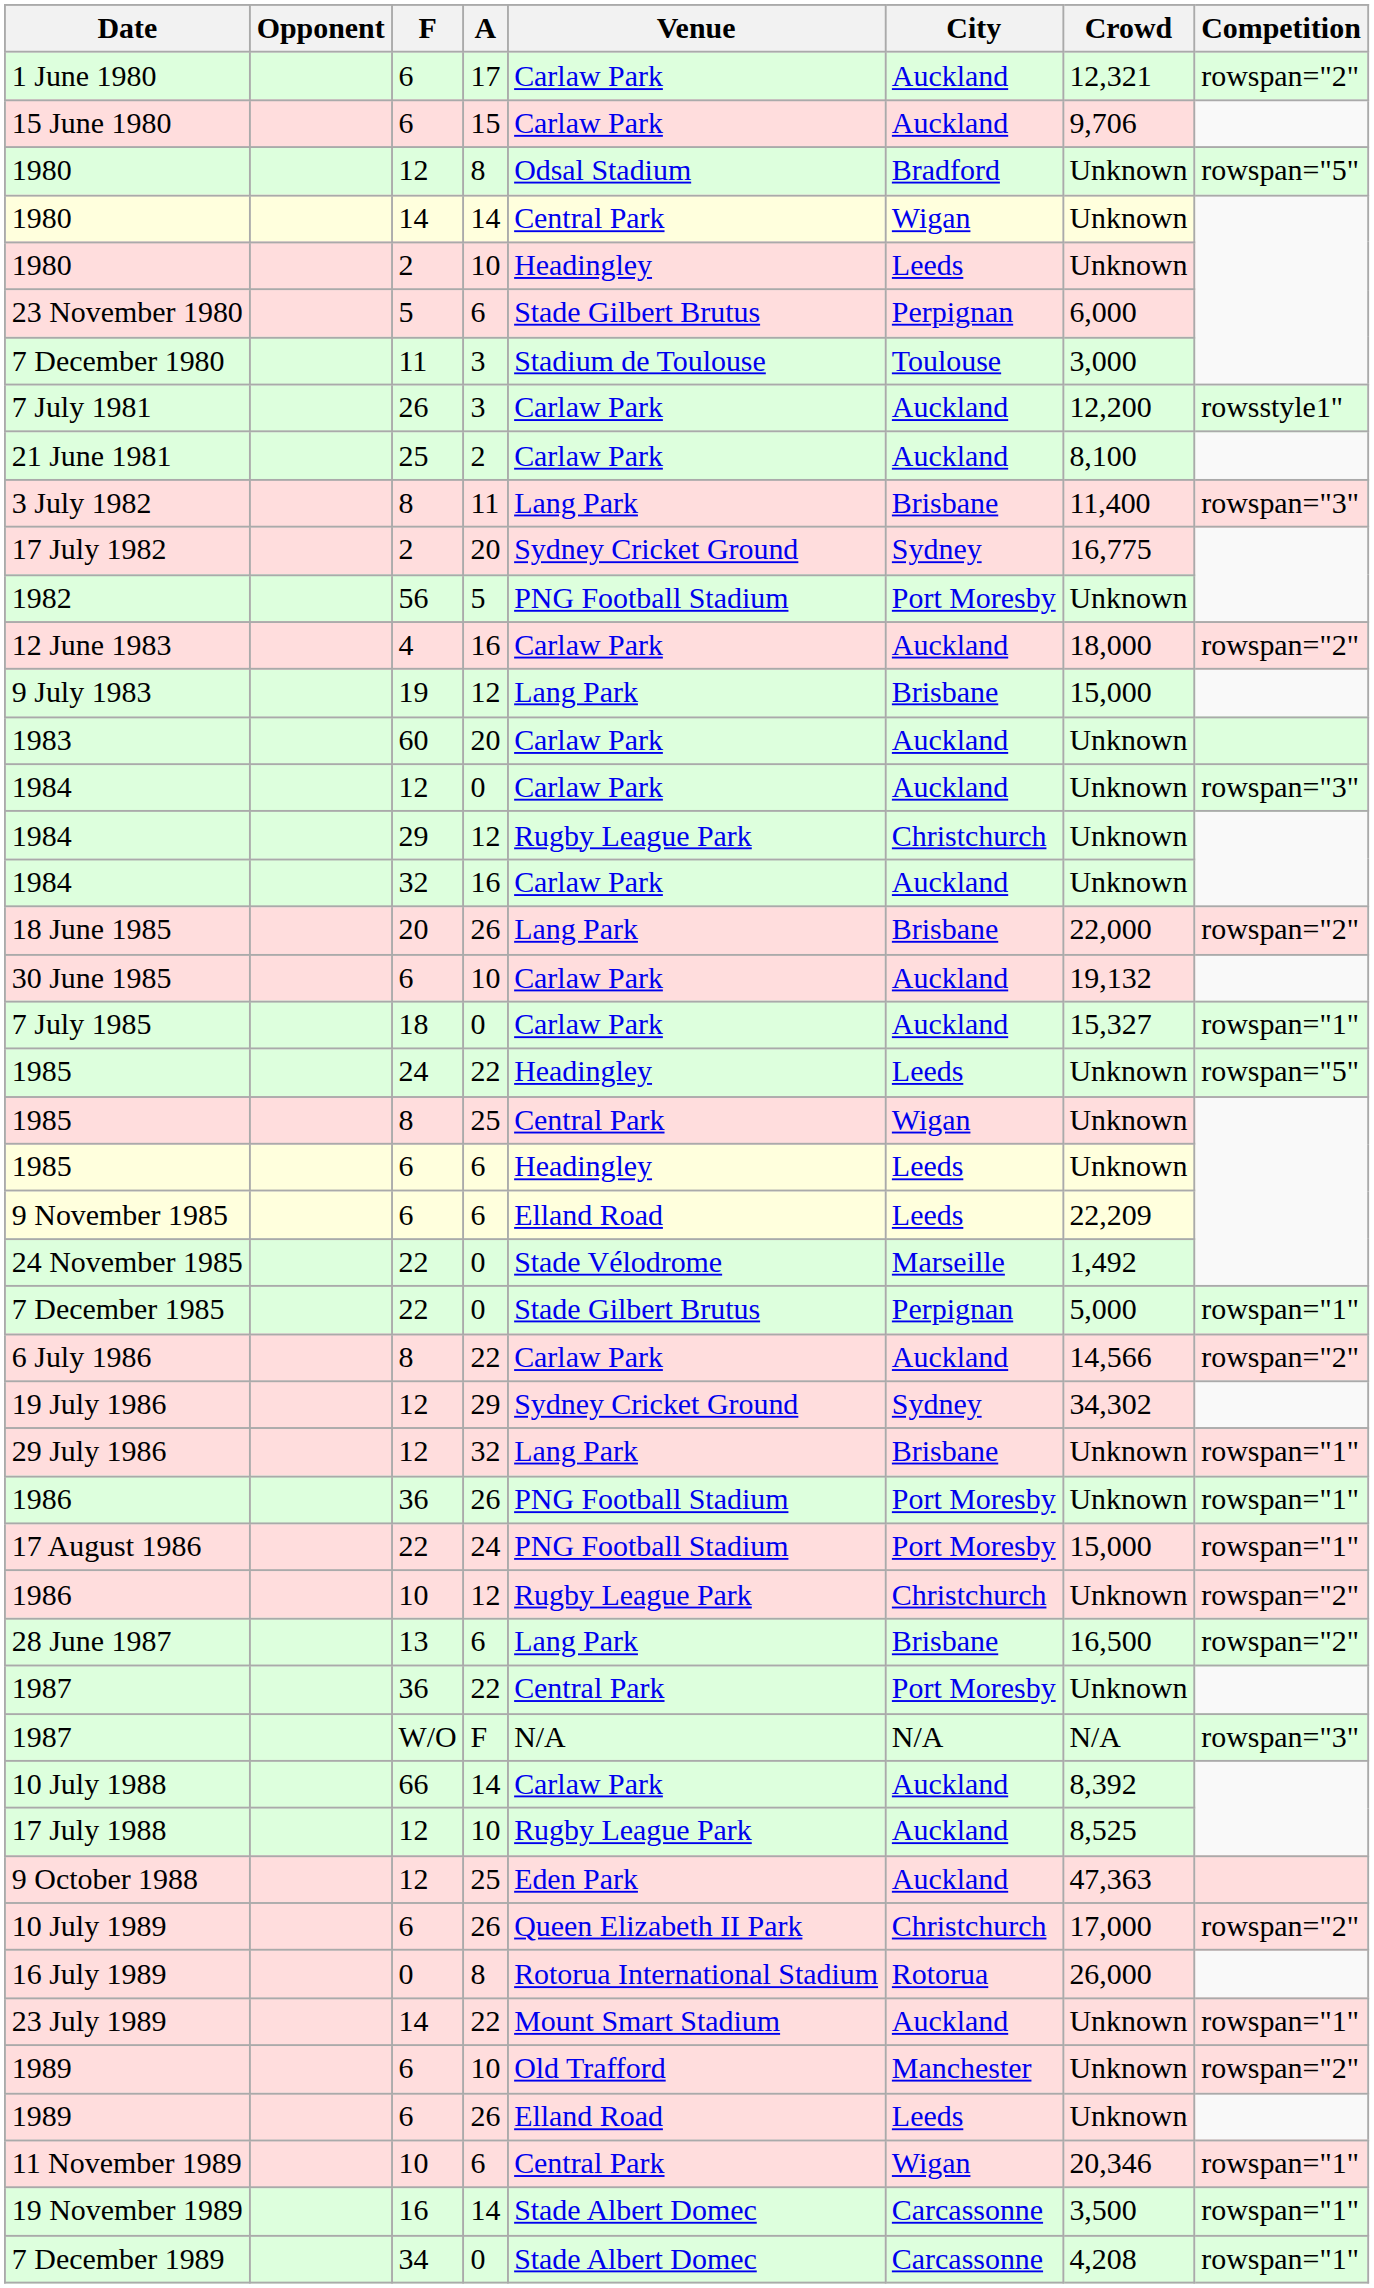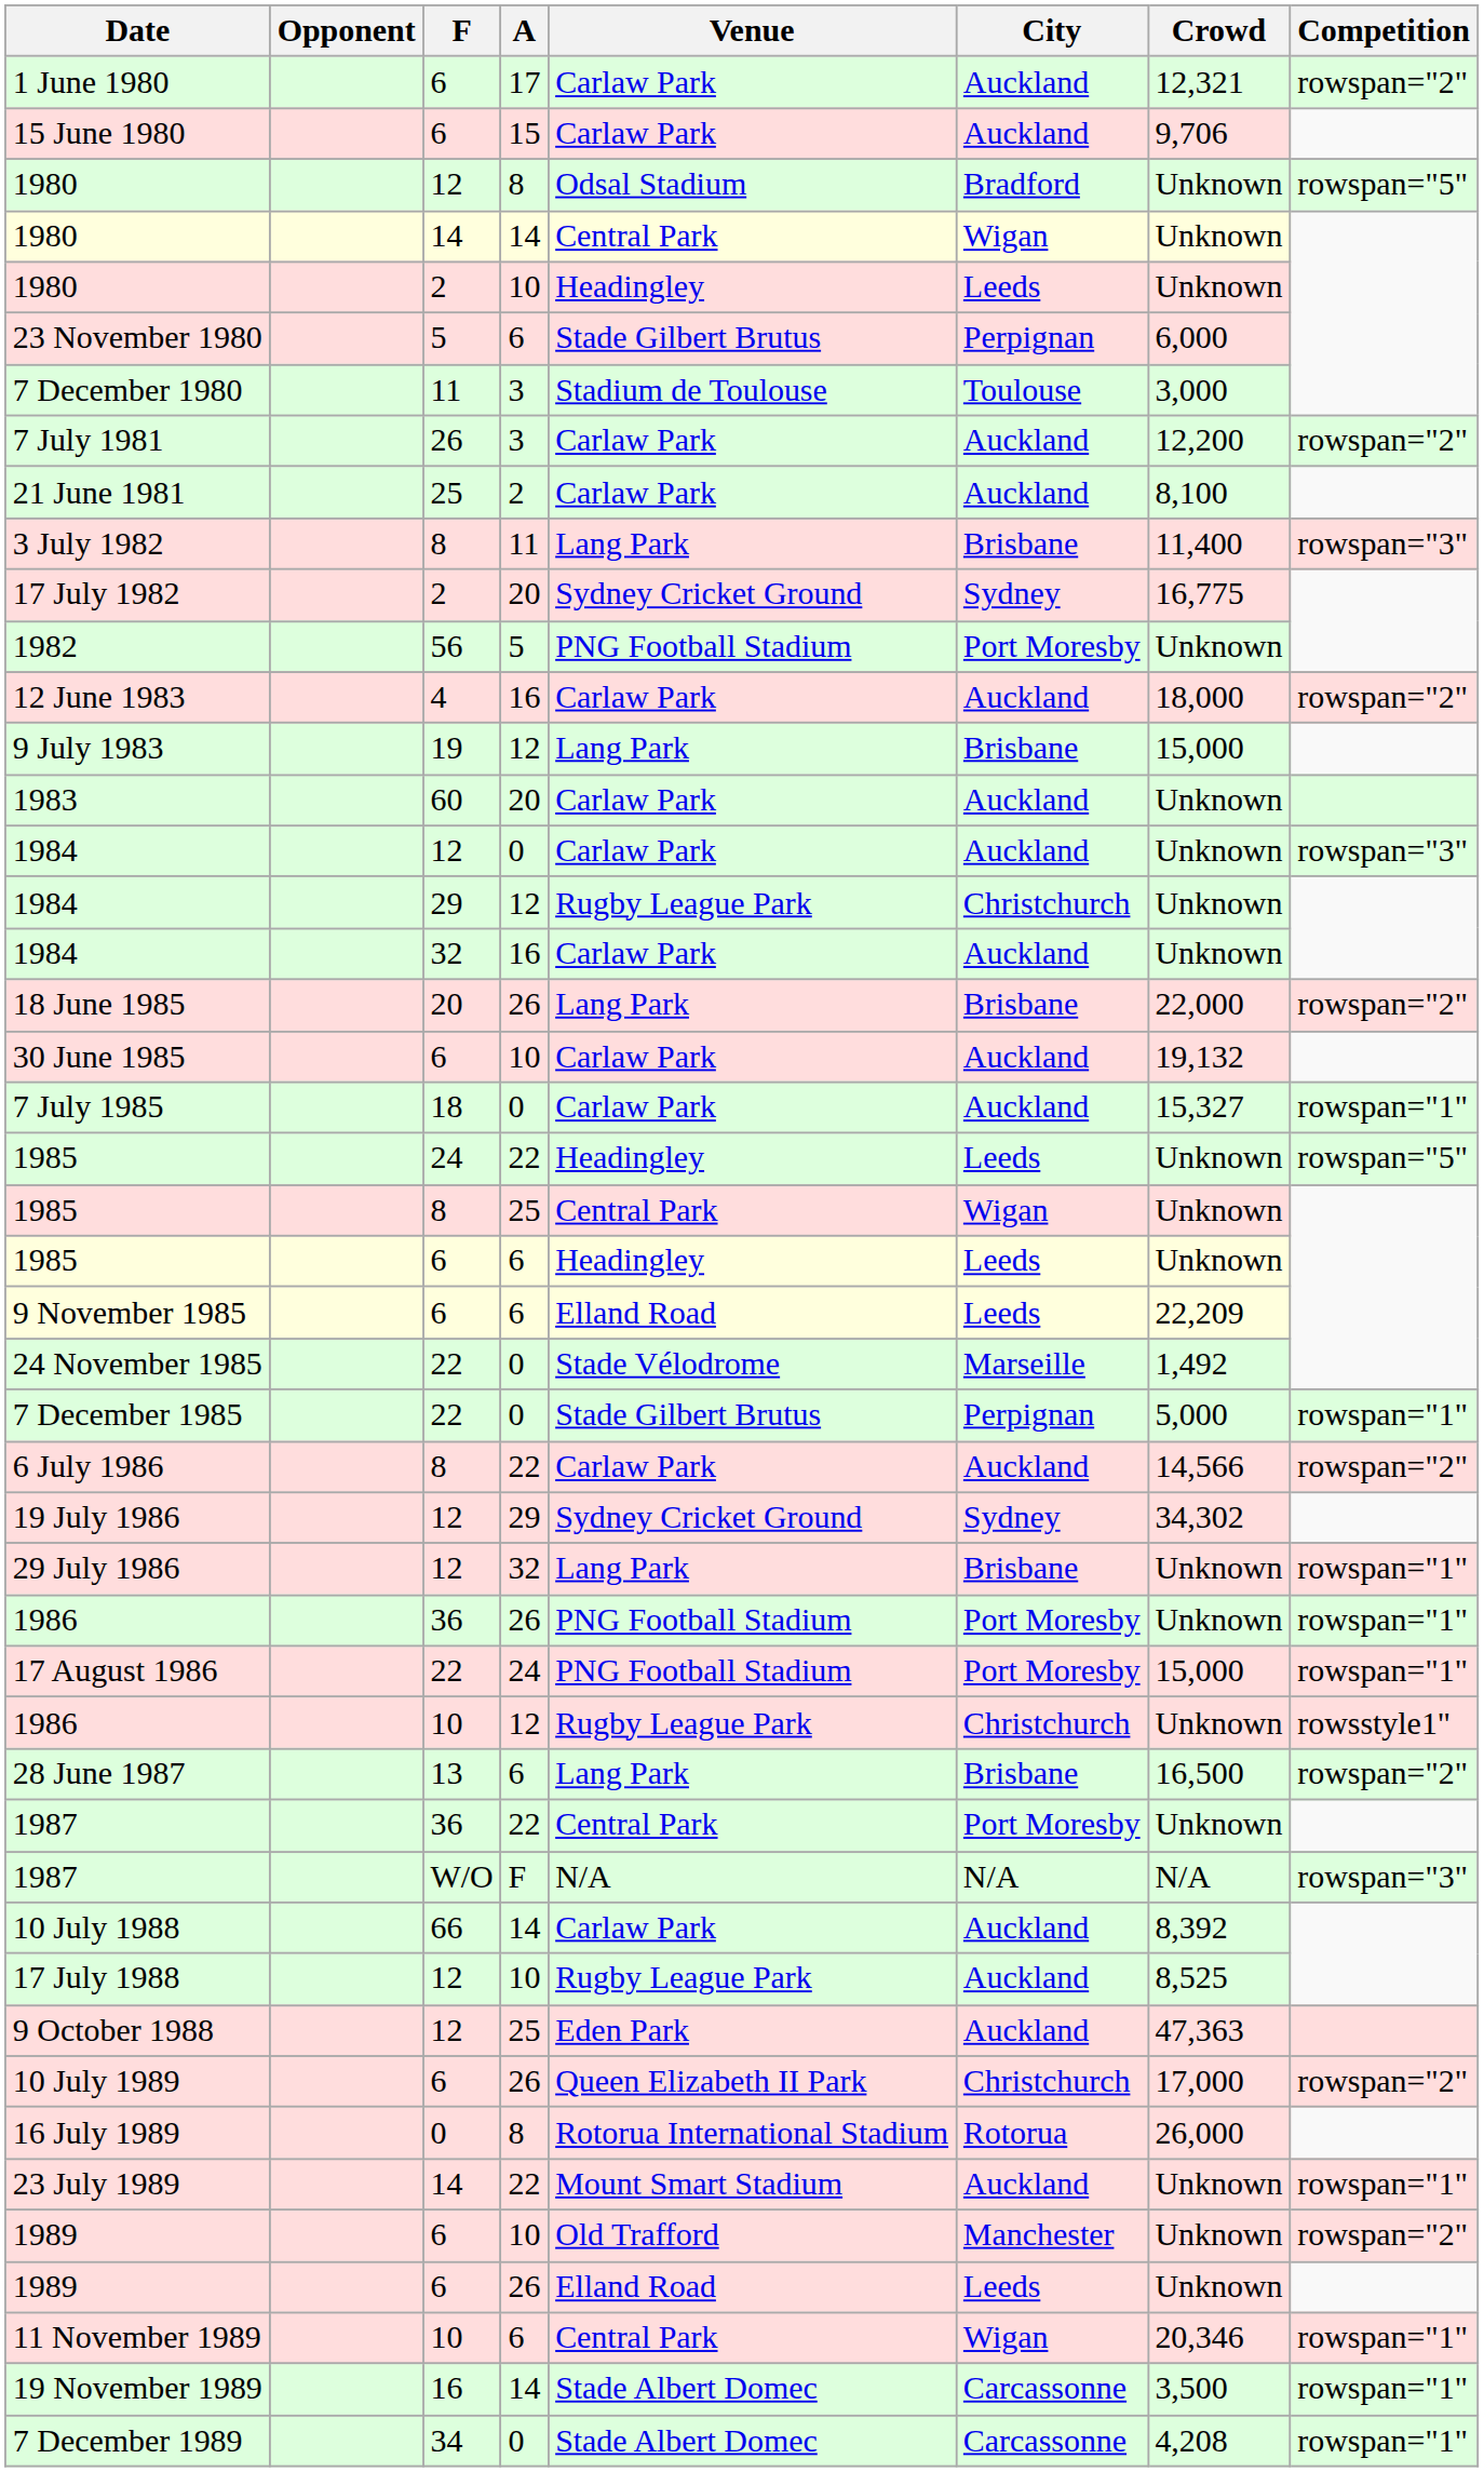 <table class="wikitable sortable">
 <tr>
 <th>Date</th>
 <th>Opponent</th>
 <th>F</th>
 <th>A</th>
 <th>Venue</th>
 <th>City</th>
 <th>Crowd</th>
 <th>Competition</th>
 </tr>
 <tr style="background:#ddffdd;">
 <td>1 June 1980</td>
 <td></td>
 <td>6</td>
 <td>17</td>
 <td><a href='#'>Carlaw Park</a></td>
 <td><a href='#'>Auckland</a></td>
 <td>12,321</td>
 <td>rowspan="2" </td>
 </tr>
 <tr style="background:#ffdddd;">
 <td>15 June 1980</td>
 <td></td>
 <td>6</td>
 <td>15</td>
 <td><a href='#'>Carlaw Park</a></td>
 <td><a href='#'>Auckland</a></td>
 <td>9,706</td>
 </tr>
 <tr style="background:#ddffdd;">
 <td>1980</td>
 <td></td>
 <td>12</td>
 <td>8</td>
 <td><a href='#'>Odsal Stadium</a></td>
 <td><a href='#'>Bradford</a></td>
 <td>Unknown</td>
 <td>rowspan="5" </td>
 </tr>
 <tr style="background:#ffffdd;">
 <td>1980</td>
 <td></td>
 <td>14</td>
 <td>14</td>
 <td><a href='#'>Central Park</a></td>
 <td><a href='#'>Wigan</a></td>
 <td>Unknown</td>
 </tr>
 <tr style="background:#ffdddd;">
 <td>1980</td>
 <td></td>
 <td>2</td>
 <td>10</td>
 <td><a href='#'>Headingley</a></td>
 <td><a href='#'>Leeds</a></td>
 <td>Unknown</td>
 </tr>
 <tr style="background:#ffdddd;">
 <td>23 November 1980</td>
 <td></td>
 <td>5</td>
 <td>6</td>
 <td><a href='#'>Stade Gilbert Brutus</a></td>
 <td><a href='#'>Perpignan</a></td>
 <td>6,000</td>
 </tr>
 <tr style="background:#ddffdd;">
 <td>7 December 1980</td>
 <td></td>
 <td>11</td>
 <td>3</td>
 <td><a href='#'>Stadium de Toulouse</a></td>
 <td><a href='#'>Toulouse</a></td>
 <td>3,000</td>
 </tr>
 <tr style="background:#ddffdd;">
 <td>7 July 1981</td>
 <td></td>
 <td>26</td>
 <td>3</td>
 <td><a href='#'>Carlaw Park</a></td>
 <td><a href='#'>Auckland</a></td>
 <td>12,200</td>
-<td>rowsstyle1" </td>
+<td>rowspan="2" </td>
 </tr>
 <tr style="background:#ddffdd;">
 <td>21 June 1981</td>
 <td></td>
 <td>25</td>
 <td>2</td>
 <td><a href='#'>Carlaw Park</a></td>
 <td><a href='#'>Auckland</a></td>
 <td>8,100</td>
 </tr>
 <tr style="background:#ffdddd;">
 <td>3 July 1982</td>
 <td></td>
 <td>8</td>
 <td>11</td>
 <td><a href='#'>Lang Park</a></td>
 <td><a href='#'>Brisbane</a></td>
 <td>11,400</td>
 <td>rowspan="3" </td>
 </tr>
 <tr style="background:#ffdddd;">
 <td>17 July 1982</td>
 <td></td>
 <td>2</td>
 <td>20</td>
 <td><a href='#'>Sydney Cricket Ground</a></td>
 <td><a href='#'>Sydney</a></td>
 <td>16,775</td>
 </tr>
 <tr style="background:#ddffdd;">
 <td>1982</td>
 <td></td>
 <td>56</td>
 <td>5</td>
 <td><a href='#'>PNG Football Stadium</a></td>
 <td><a href='#'>Port Moresby</a></td>
 <td>Unknown</td>
 </tr>
 <tr style="background:#ffdddd;">
 <td>12 June 1983</td>
 <td></td>
 <td>4</td>
 <td>16</td>
 <td><a href='#'>Carlaw Park</a></td>
 <td><a href='#'>Auckland</a></td>
 <td>18,000</td>
 <td>rowspan="2" </td>
 </tr>
 <tr style="background:#ddffdd;">
 <td>9 July 1983</td>
 <td></td>
 <td>19</td>
 <td>12</td>
 <td><a href='#'>Lang Park</a></td>
 <td><a href='#'>Brisbane</a></td>
 <td>15,000</td>
 </tr>
 <tr style="background:#ddffdd;">
 <td>1983</td>
 <td></td>
 <td>60</td>
 <td>20</td>
 <td><a href='#'>Carlaw Park</a></td>
 <td><a href='#'>Auckland</a></td>
 <td>Unknown</td>
 <td></td>
 </tr>
 <tr style="background:#ddffdd;">
 <td>1984</td>
 <td></td>
 <td>12</td>
 <td>0</td>
 <td><a href='#'>Carlaw Park</a></td>
 <td><a href='#'>Auckland</a></td>
 <td>Unknown</td>
 <td>rowspan="3" </td>
 </tr>
 <tr style="background:#ddffdd;">
 <td>1984</td>
 <td></td>
 <td>29</td>
 <td>12</td>
 <td><a href='#'>Rugby League Park</a></td>
 <td><a href='#'>Christchurch</a></td>
 <td>Unknown</td>
 </tr>
 <tr style="background:#ddffdd;">
 <td>1984</td>
 <td></td>
 <td>32</td>
 <td>16</td>
 <td><a href='#'>Carlaw Park</a></td>
 <td><a href='#'>Auckland</a></td>
 <td>Unknown</td>
 </tr>
 <tr style="background:#ffdddd;">
 <td>18 June 1985</td>
 <td></td>
 <td>20</td>
 <td>26</td>
 <td><a href='#'>Lang Park</a></td>
 <td><a href='#'>Brisbane</a></td>
 <td>22,000</td>
 <td>rowspan="2" </td>
 </tr>
 <tr style="background:#ffdddd;">
 <td>30 June 1985</td>
 <td></td>
 <td>6</td>
 <td>10</td>
 <td><a href='#'>Carlaw Park</a></td>
 <td><a href='#'>Auckland</a></td>
 <td>19,132</td>
 </tr>
 <tr style="background:#ddffdd;">
 <td>7 July 1985</td>
 <td></td>
 <td>18</td>
 <td>0</td>
 <td><a href='#'>Carlaw Park</a></td>
 <td><a href='#'>Auckland</a></td>
 <td>15,327</td>
 <td>rowspan="1" </td>
 </tr>
 <tr style="background:#ddffdd;">
 <td>1985</td>
 <td></td>
 <td>24</td>
 <td>22</td>
 <td><a href='#'>Headingley</a></td>
 <td><a href='#'>Leeds</a></td>
 <td>Unknown</td>
 <td>rowspan="5" </td>
 </tr>
 <tr style="background:#ffdddd;">
 <td>1985</td>
 <td></td>
 <td>8</td>
 <td>25</td>
 <td><a href='#'>Central Park</a></td>
 <td><a href='#'>Wigan</a></td>
 <td>Unknown</td>
 </tr>
 <tr style="background:#ffffdd;">
 <td>1985</td>
 <td></td>
 <td>6</td>
 <td>6</td>
 <td><a href='#'>Headingley</a></td>
 <td><a href='#'>Leeds</a></td>
 <td>Unknown</td>
 </tr>
 <tr style="background:#ffffdd;">
 <td>9 November 1985</td>
 <td></td>
 <td>6</td>
 <td>6</td>
 <td><a href='#'>Elland Road</a></td>
 <td><a href='#'>Leeds</a></td>
 <td>22,209</td>
 </tr>
 <tr style="background:#ddffdd;">
 <td>24 November 1985</td>
 <td></td>
 <td>22</td>
 <td>0</td>
 <td><a href='#'>Stade Vélodrome</a></td>
 <td><a href='#'>Marseille</a></td>
 <td>1,492</td>
 </tr>
 <tr style="background:#ddffdd;">
 <td>7 December 1985</td>
 <td></td>
 <td>22</td>
 <td>0</td>
 <td><a href='#'>Stade Gilbert Brutus</a></td>
 <td><a href='#'>Perpignan</a></td>
 <td>5,000</td>
 <td>rowspan="1" </td>
 </tr>
 <tr style="background:#ffdddd;">
 <td>6 July 1986</td>
 <td></td>
 <td>8</td>
 <td>22</td>
 <td><a href='#'>Carlaw Park</a></td>
 <td><a href='#'>Auckland</a></td>
 <td>14,566</td>
 <td>rowspan="2" </td>
 </tr>
 <tr style="background:#ffdddd;">
 <td>19 July 1986</td>
 <td></td>
 <td>12</td>
 <td>29</td>
 <td><a href='#'>Sydney Cricket Ground</a></td>
 <td><a href='#'>Sydney</a></td>
 <td>34,302</td>
 </tr>
 <tr style="background:#ffdddd;">
 <td>29 July 1986</td>
 <td></td>
 <td>12</td>
 <td>32</td>
 <td><a href='#'>Lang Park</a></td>
 <td><a href='#'>Brisbane</a></td>
 <td>Unknown</td>
 <td>rowspan="1" </td>
 </tr>
 <tr style="background:#ddffdd;">
 <td>1986</td>
 <td></td>
 <td>36</td>
 <td>26</td>
 <td><a href='#'>PNG Football Stadium</a></td>
 <td><a href='#'>Port Moresby</a></td>
 <td>Unknown</td>
 <td>rowspan="1" </td>
 </tr>
 <tr style="background:#ffdddd;">
 <td>17 August 1986</td>
 <td></td>
 <td>22</td>
 <td>24</td>
 <td><a href='#'>PNG Football Stadium</a></td>
 <td><a href='#'>Port Moresby</a></td>
 <td>15,000</td>
 <td>rowspan="1" </td>
 </tr>
 <tr style="background:#ffdddd;">
 <td>1986</td>
 <td></td>
 <td>10</td>
 <td>12</td>
 <td><a href='#'>Rugby League Park</a></td>
 <td><a href='#'>Christchurch</a></td>
 <td>Unknown</td>
-<td>rowspan="2" </td>
+<td>rowsstyle1" </td>
 </tr>
 <tr style="background:#ddffdd;">
 <td>28 June 1987</td>
 <td></td>
 <td>13</td>
 <td>6</td>
 <td><a href='#'>Lang Park</a></td>
 <td><a href='#'>Brisbane</a></td>
 <td>16,500</td>
 <td>rowspan="2" </td>
 </tr>
 <tr style="background:#ddffdd;">
 <td>1987</td>
 <td></td>
 <td>36</td>
 <td>22</td>
 <td><a href='#'>Central Park</a></td>
 <td><a href='#'>Port Moresby</a></td>
 <td>Unknown</td>
 </tr>
 <tr style="background:#ddffdd;">
 <td>1987</td>
 <td></td>
 <td>W/O</td>
 <td>F</td>
 <td>N/A</td>
 <td>N/A</td>
 <td>N/A</td>
 <td>rowspan="3" </td>
 </tr>
 <tr style="background:#ddffdd;">
 <td>10 July 1988</td>
 <td></td>
 <td>66</td>
 <td>14</td>
 <td><a href='#'>Carlaw Park</a></td>
 <td><a href='#'>Auckland</a></td>
 <td>8,392</td>
 </tr>
 <tr style="background:#ddffdd;">
 <td>17 July 1988</td>
 <td></td>
 <td>12</td>
 <td>10</td>
 <td><a href='#'>Rugby League Park</a></td>
 <td><a href='#'>Auckland</a></td>
 <td>8,525</td>
 </tr>
 <tr style="background:#ffdddd;">
 <td>9 October 1988</td>
 <td></td>
 <td>12</td>
 <td>25</td>
 <td><a href='#'>Eden Park</a></td>
 <td><a href='#'>Auckland</a></td>
 <td>47,363</td>
 <td></td>
 </tr>
 <tr style="background:#ffdddd;">
 <td>10 July 1989</td>
 <td></td>
 <td>6</td>
 <td>26</td>
 <td><a href='#'>Queen Elizabeth II Park</a></td>
 <td><a href='#'>Christchurch</a></td>
 <td>17,000</td>
 <td>rowspan="2" </td>
 </tr>
 <tr style="background:#ffdddd;">
 <td>16 July 1989</td>
 <td></td>
 <td>0</td>
 <td>8</td>
 <td><a href='#'>Rotorua International Stadium</a></td>
 <td><a href='#'>Rotorua</a></td>
 <td>26,000</td>
 </tr>
 <tr style="background:#ffdddd;">
 <td>23 July 1989</td>
 <td></td>
 <td>14</td>
 <td>22</td>
 <td><a href='#'>Mount Smart Stadium</a></td>
 <td><a href='#'>Auckland</a></td>
 <td>Unknown</td>
 <td>rowspan="1" </td>
 </tr>
 <tr style="background:#ffdddd;">
 <td>1989</td>
 <td></td>
 <td>6</td>
 <td>10</td>
 <td><a href='#'>Old Trafford</a></td>
 <td><a href='#'>Manchester</a></td>
 <td>Unknown</td>
 <td>rowspan="2" </td>
 </tr>
 <tr style="background:#ffdddd;">
 <td>1989</td>
 <td></td>
 <td>6</td>
 <td>26</td>
 <td><a href='#'>Elland Road</a></td>
 <td><a href='#'>Leeds</a></td>
 <td>Unknown</td>
 </tr>
 <tr style="background:#ffdddd;">
 <td>11 November 1989</td>
 <td></td>
 <td>10</td>
 <td>6</td>
 <td><a href='#'>Central Park</a></td>
 <td><a href='#'>Wigan</a></td>
 <td>20,346</td>
 <td>rowspan="1" </td>
 </tr>
 <tr style="background:#ddffdd;">
 <td>19 November 1989</td>
 <td></td>
 <td>16</td>
 <td>14</td>
 <td><a href='#'>Stade Albert Domec</a></td>
 <td><a href='#'>Carcassonne</a></td>
 <td>3,500</td>
 <td>rowspan="1" </td>
 </tr>
 <tr style="background:#ddffdd;">
 <td>7 December 1989</td>
 <td></td>
 <td>34</td>
 <td>0</td>
 <td><a href='#'>Stade Albert Domec</a></td>
 <td><a href='#'>Carcassonne</a></td>
 <td>4,208</td>
 <td>rowspan="1" </td>
 </tr>
 </table>
